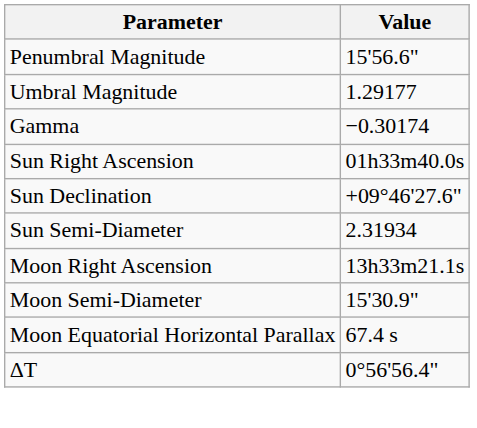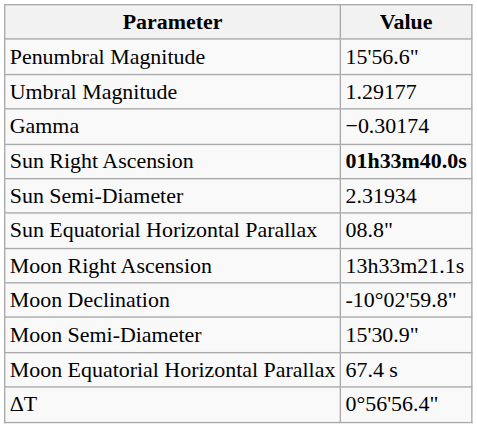 <table class="wikitable">
 <tr>
 <th>Parameter</th>
 <th>Value</th>
 </tr>
 <tr>
 <td>Penumbral Magnitude</td>
 <td>15'56.6"</td>
 </tr>
 <tr>
 <td>Umbral Magnitude</td>
 <td>1.29177</td>
 </tr>
 <tr>
 <td>Gamma</td>
 <td>−0.30174</td>
 </tr>
 <tr>
 <td>Sun Right Ascension</td>
-<td>01h33m40.0s</td>
-</tr>
-<tr>
-<td>Sun Declination</td>
-<td>+09°46'27.6"</td>
+<td><strong>01h33m40.0s</strong></td>
 </tr>
 <tr>
 <td>Sun Semi-Diameter</td>
 <td>2.31934</td>
 </tr>
 <tr>
+<td>Sun Equatorial Horizontal Parallax</td>
+<td>08.8"</td>
+</tr>
+<tr>
 <td>Moon Right Ascension</td>
 <td>13h33m21.1s</td>
+</tr>
+<tr>
+<td>Moon Declination</td>
+<td>-10°02'59.8"</td>
 </tr>
 <tr>
 <td>Moon Semi-Diameter</td>
 <td>15'30.9"</td>
 </tr>
 <tr>
 <td>Moon Equatorial Horizontal Parallax</td>
 <td>67.4 s</td>
 </tr>
 <tr>
 <td>ΔT</td>
 <td>0°56'56.4"</td>
 </tr>
 </table>
